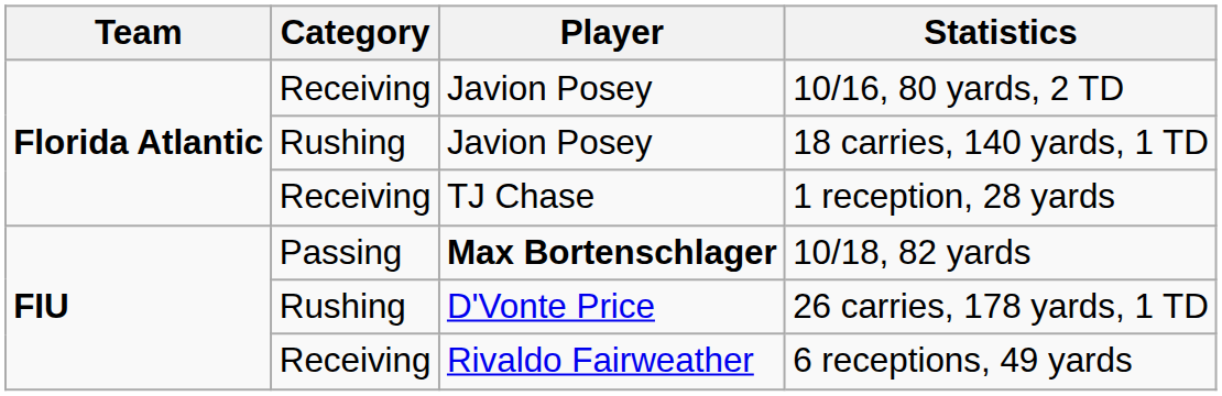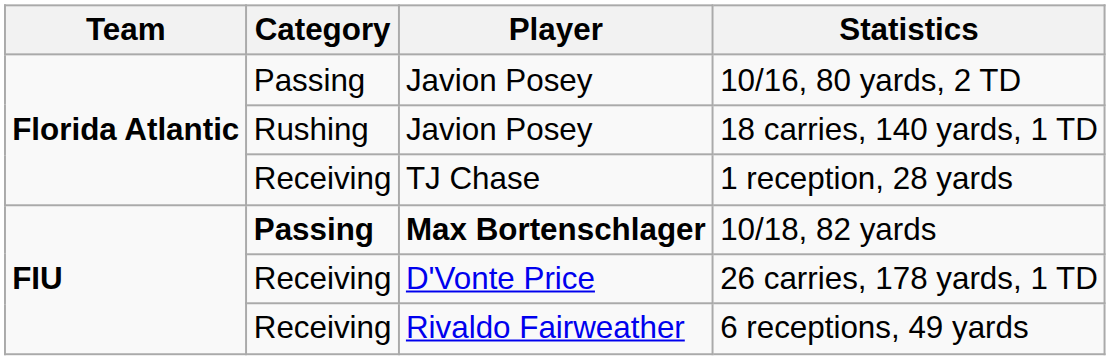 <table class="wikitable" style="float: left;">
 <tr>
 <th>Team</th>
 <th>Category</th>
 <th>Player</th>
 <th>Statistics</th>
 </tr>
 <tr>
 <td rowspan=3><strong>Florida Atlantic</strong></td>
-<td>Receiving</td>
+<td>Passing</td>
 <td>Javion Posey</td>
 <td>10/16, 80 yards, 2 TD</td>
 </tr>
 <tr>
 <td>Rushing</td>
 <td>Javion Posey</td>
 <td>18 carries, 140 yards, 1 TD</td>
 </tr>
 <tr>
 <td>Receiving</td>
 <td>TJ Chase</td>
 <td>1 reception, 28 yards</td>
 </tr>
 <tr>
 <td rowspan=3><strong>FIU</strong></td>
-<td>Passing</td>
+<td><strong>Passing</strong></td>
 <td><strong>Max Bortenschlager</strong></td>
 <td>10/18, 82 yards</td>
 </tr>
 <tr>
-<td>Rushing</td>
+<td>Receiving</td>
 <td><a href='#'>D'Vonte Price</a></td>
 <td>26 carries, 178 yards, 1 TD</td>
 </tr>
 <tr>
 <td>Receiving</td>
 <td><a href='#'>Rivaldo Fairweather</a></td>
 <td>6 receptions, 49 yards</td>
 </tr>
 </table>
